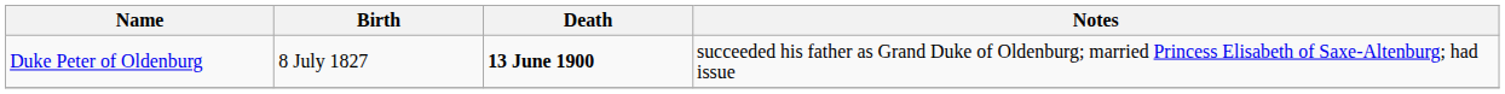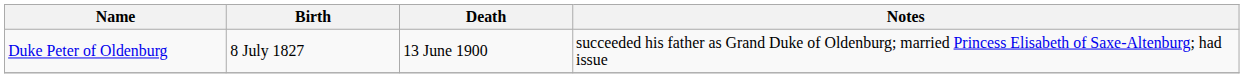 <table class="wikitable sortable">
 <tr>
 <th width="18%">Name</th>
 <th width="14%">Birth</th>
 <th width="14%">Death</th>
 <th width="62%">Notes</th>
 </tr>
 <tr>
 <td><a href='#'>Duke Peter of Oldenburg</a></td>
 <td>8 July 1827</td>
-<td><strong>13 June 1900</strong></td>
+<td>13 June 1900</td>
 <td>succeeded his father as Grand Duke of Oldenburg; married <a href='#'>Princess Elisabeth of Saxe-Altenburg</a>; had issue</td>
 </tr>
 <tr>
 </tr>
 </table>
